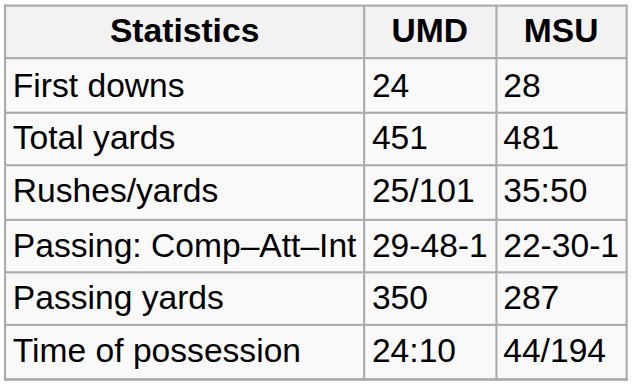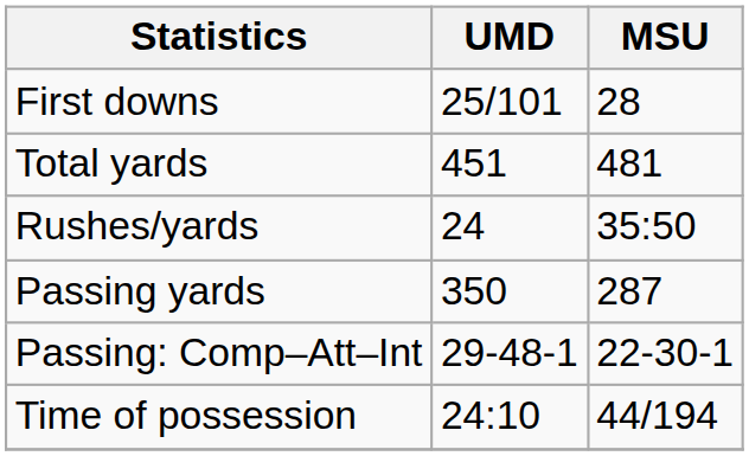 <table class="wikitable" style="float: left;">
 <tr>
 <th>Statistics</th>
 <th>UMD</th>
 <th>MSU</th>
 </tr>
 <tr>
 <td>First downs</td>
-<td>24</td>
+<td>25/101</td>
 <td>28</td>
 </tr>
 <tr>
 <td>Total yards</td>
 <td>451</td>
 <td>481</td>
 </tr>
 <tr>
 <td>Rushes/yards</td>
-<td>25/101</td>
+<td>24</td>
 <td>35:50</td>
+</tr>
+<tr>
+<td>Passing yards</td>
+<td>350</td>
+<td>287</td>
 </tr>
 <tr>
 <td>Passing: Comp–Att–Int</td>
 <td>29-48-1</td>
 <td>22-30-1</td>
-</tr>
-<tr>
-<td>Passing yards</td>
-<td>350</td>
-<td>287</td>
 </tr>
 <tr>
 <td>Time of possession</td>
 <td>24:10</td>
 <td>44/194</td>
 </tr>
 <tr>
 </tr>
 </table>
